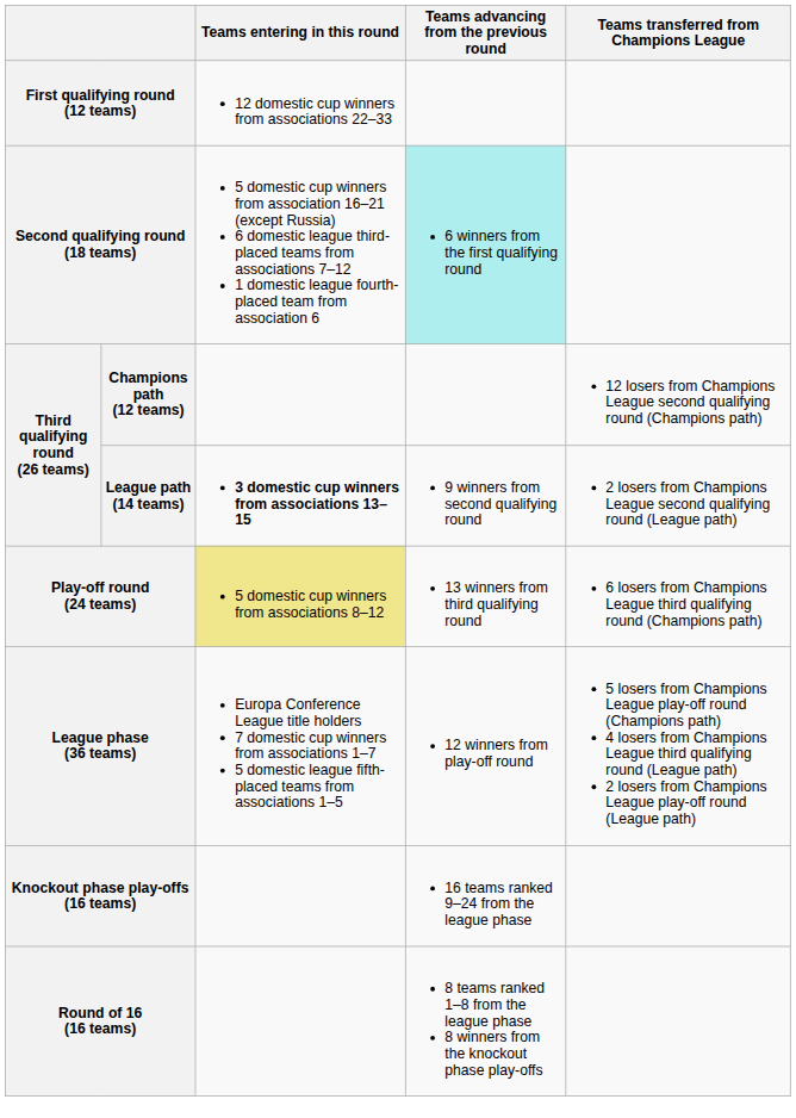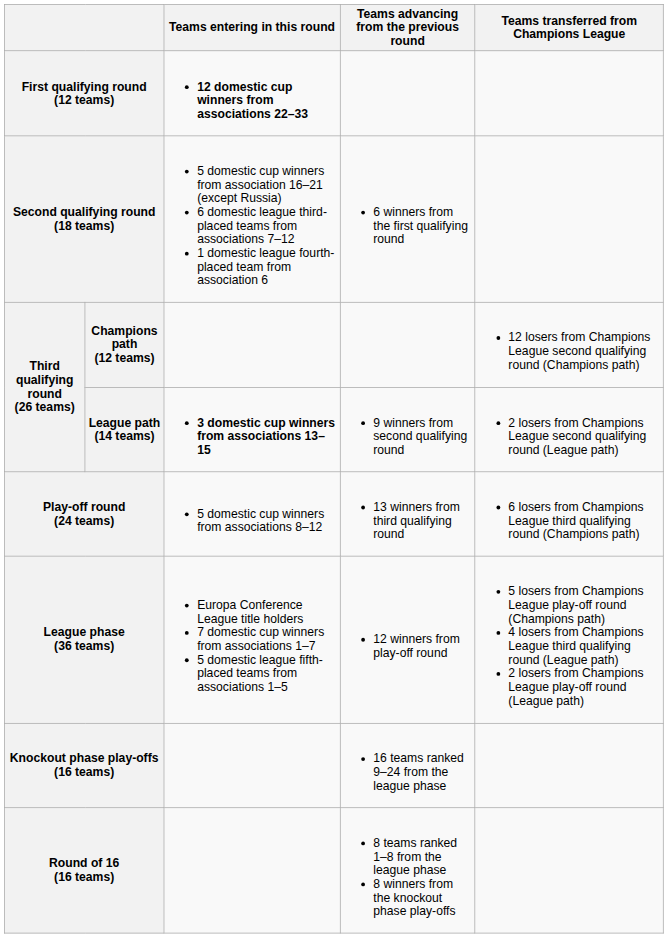 <table class="wikitable">
 <tr>
 <th colspan=2></th>
 <th>Teams entering in this round</th>
 <th>Teams advancing from the previous round</th>
 <th>Teams transferred from Champions League</th>
 </tr>
 <tr>
 <th colspan=2>First qualifying round<br> (12 teams)</th>
-<td><br><ul><li>12 domestic cup winners from associations 22–33</li></ul></td>
+<td><strong><br><ul><li>12 domestic cup winners from associations 22–33</li></ul></strong></td>
 <td></td>
 <td></td>
 </tr>
 <tr>
 <th colspan=2>Second qualifying round<br> (18 teams)</th>
 <td><br><ul><li>5 domestic cup winners from association 16–21 (except Russia)</li><li>6 domestic league third-placed teams from associations 7–12</li><li>1 domestic league fourth-placed team from association 6</li></ul></td>
-<td style="background: paleturquoise;"><br><ul><li>6 winners from the first qualifying round</li></ul></td>
+<td><br><ul><li>6 winners from the first qualifying round</li></ul></td>
 <td></td>
 </tr>
 <tr>
 <th rowspan=2>Third qualifying round<br> (26 teams)</th>
 <th>Champions path<br> (12 teams)</th>
 <td></td>
 <td></td>
 <td><br><ul><li>12 losers from Champions League second qualifying round (Champions path)</li></ul></td>
 </tr>
 <tr>
 <th>League path<br> (14 teams)</th>
 <td><strong><br><ul><li>3 domestic cup winners from associations 13–15</li></ul></strong></td>
 <td><br><ul><li>9 winners from second qualifying round</li></ul></td>
 <td><br><ul><li>2 losers from Champions League second qualifying round (League path)</li></ul></td>
 </tr>
 <tr>
 <th colspan=2>Play-off round<br>(24 teams)</th>
-<td style="background: khaki;"><br><ul><li>5 domestic cup winners from associations 8–12</li></ul></td>
+<td><br><ul><li>5 domestic cup winners from associations 8–12</li></ul></td>
 <td><br><ul><li>13 winners from third qualifying round</li></ul></td>
 <td><br><ul><li>6 losers from Champions League third qualifying round (Champions path)</li></ul></td>
 </tr>
 <tr>
 <th colspan=2>League phase<br> (36 teams)</th>
 <td><br><ul><li>Europa Conference League title holders</li><li>7 domestic cup winners from associations 1–7</li><li>5 domestic league fifth-placed teams from associations 1–5</li></ul></td>
 <td><br><ul><li>12 winners from play-off round</li></ul></td>
 <td><br><ul><li>5 losers from Champions League play-off round (Champions path)</li><li>4 losers from Champions League third qualifying round (League path)</li><li>2 losers from Champions League play-off round (League path)</li></ul></td>
 </tr>
 <tr>
 <th colspan=2>Knockout phase play-offs<br>(16 teams)</th>
 <td></td>
 <td><br><ul><li>16 teams ranked 9–24 from the league phase</li></ul></td>
 <td></td>
 </tr>
 <tr>
 <th colspan=2>Round of 16<br>(16 teams)</th>
 <td></td>
 <td><br><ul><li>8 teams ranked 1–8 from the league phase</li><li>8 winners from the knockout phase play-offs</li></ul></td>
 <td></td>
 </tr>
 </table>
